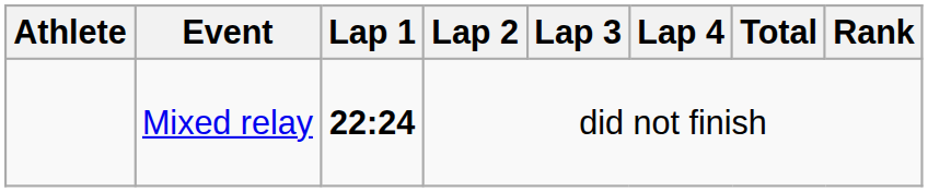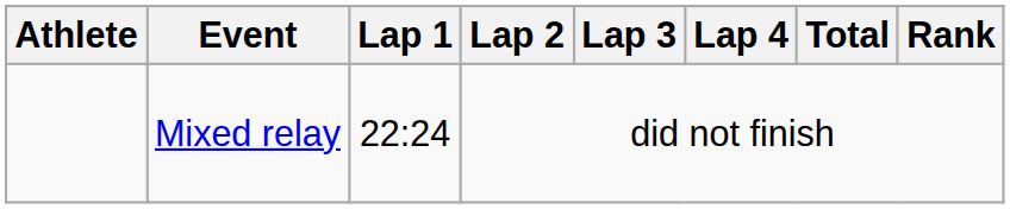 <table class="wikitable" style="font-size:90%;">
 <tr>
 <th>Athlete</th>
 <th>Event</th>
 <th>Lap 1</th>
 <th>Lap 2</th>
 <th>Lap 3</th>
 <th>Lap 4</th>
 <th>Total</th>
 <th>Rank</th>
 </tr>
 <tr align=center>
 <td align=left><br><br><br></td>
 <td align=left><a href='#'>Mixed relay</a></td>
-<td><strong>22:24</strong></td>
+<td>22:24</td>
 <td colspan=5>did not finish</td>
 </tr>
 </table>
